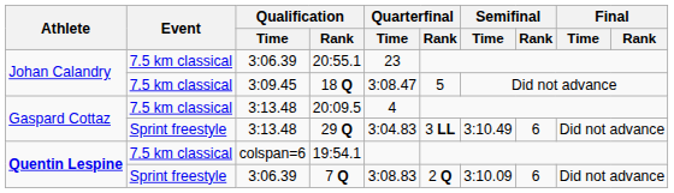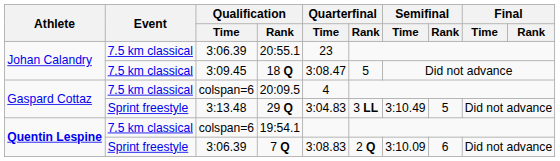 <table class="wikitable" style="font-size:90%">
 <tr>
 <th rowspan="2">Athlete</th>
 <th rowspan="2">Event</th>
 <th colspan="2">Qualification</th>
 <th colspan="2">Quarterfinal</th>
 <th colspan="2">Semifinal</th>
 <th colspan="2">Final</th>
 </tr>
 <tr style="font-size:95%">
 <th>Time</th>
 <th>Rank</th>
 <th>Time</th>
 <th>Rank</th>
 <th>Time</th>
 <th>Rank</th>
 <th>Time</th>
 <th>Rank</th>
 </tr>
 <tr align=center>
 <td align=left rowspan=2><a href='#'>Johan Calandry</a></td>
 <td align=left><a href='#'>7.5 km classical</a></td>
 <td>3:06.39</td>
 <td>20:55.1</td>
 <td>23</td>
 </tr>
 <tr align=center>
 <td align=left><a href='#'>7.5 km classical</a></td>
 <td>3:09.45</td>
 <td>18 <strong>Q</strong></td>
 <td>3:08.47</td>
 <td>5</td>
 <td colspan=4>Did not advance</td>
 </tr>
 <tr align=center>
 <td align=left rowspan=2><a href='#'>Gaspard Cottaz</a></td>
 <td align=left><a href='#'>7.5 km classical</a></td>
-<td>3:13.48</td>
+<td>colspan=6</td>
 <td>20:09.5</td>
 <td>4</td>
 </tr>
 <tr align=center>
 <td align=left><a href='#'>Sprint freestyle</a></td>
 <td>3:13.48</td>
 <td>29 <strong>Q</strong></td>
 <td>3:04.83</td>
 <td>3 <strong>LL</strong></td>
 <td>3:10.49</td>
-<td>6</td>
+<td>5</td>
 <td colspan=2>Did not advance</td>
 </tr>
 <tr align=center>
 <td align=left rowspan=2><strong><a href='#'>Quentin Lespine</a></strong></td>
 <td align=left><a href='#'>7.5 km classical</a></td>
 <td>colspan=6</td>
 <td>19:54.1</td>
 <td></td>
 </tr>
 <tr align=center>
 <td align=left><a href='#'>Sprint freestyle</a></td>
 <td>3:06.39</td>
 <td>7 <strong>Q</strong></td>
 <td>3:08.83</td>
 <td>2 <strong>Q</strong></td>
 <td>3:10.09</td>
 <td>6</td>
 <td colspan=2>Did not advance</td>
 </tr>
 </table>
